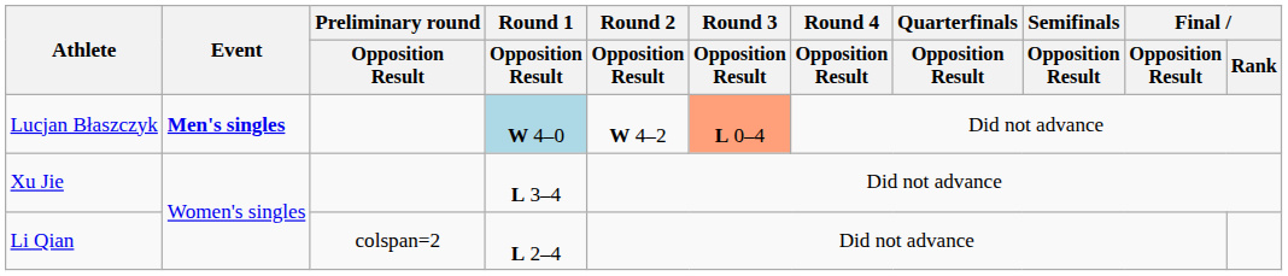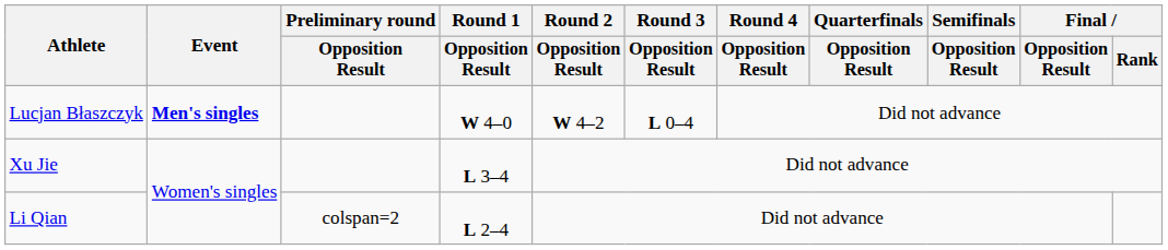 <table class="wikitable" style="font-size:90%">
 <tr>
 <th rowspan="2">Athlete</th>
 <th rowspan="2">Event</th>
 <th>Preliminary round</th>
 <th>Round 1</th>
 <th>Round 2</th>
 <th>Round 3</th>
 <th>Round 4</th>
 <th>Quarterfinals</th>
 <th>Semifinals</th>
 <th colspan=2>Final / </th>
 </tr>
 <tr style="font-size:95%">
 <th>Opposition<br>Result</th>
 <th>Opposition<br>Result</th>
 <th>Opposition<br>Result</th>
 <th>Opposition<br>Result</th>
 <th>Opposition<br>Result</th>
 <th>Opposition<br>Result</th>
 <th>Opposition<br>Result</th>
 <th>Opposition<br>Result</th>
 <th>Rank</th>
 </tr>
 <tr align=center>
 <td align=left><a href='#'>Lucjan Błaszczyk</a></td>
 <td align=left><strong><a href='#'>Men's singles</a></strong></td>
 <td></td>
-<td style="background: lightblue;"><br><strong>W</strong> 4–0</td>
+<td><br><strong>W</strong> 4–0</td>
 <td><br><strong>W</strong> 4–2</td>
-<td style="background: lightsalmon;"><br><strong>L</strong> 0–4</td>
+<td><br><strong>L</strong> 0–4</td>
 <td colspan=5>Did not advance</td>
 </tr>
 <tr align=center>
 <td align=left><a href='#'>Xu Jie</a></td>
 <td align=left rowspan=2><a href='#'>Women's singles</a></td>
 <td></td>
 <td><br><strong>L</strong> 3–4</td>
 <td colspan=7>Did not advance</td>
 </tr>
 <tr align=center>
 <td align=left><a href='#'>Li Qian</a></td>
 <td>colspan=2 </td>
 <td><br><strong>L</strong> 2–4</td>
 <td colspan=6>Did not advance</td>
 </tr>
 </table>
